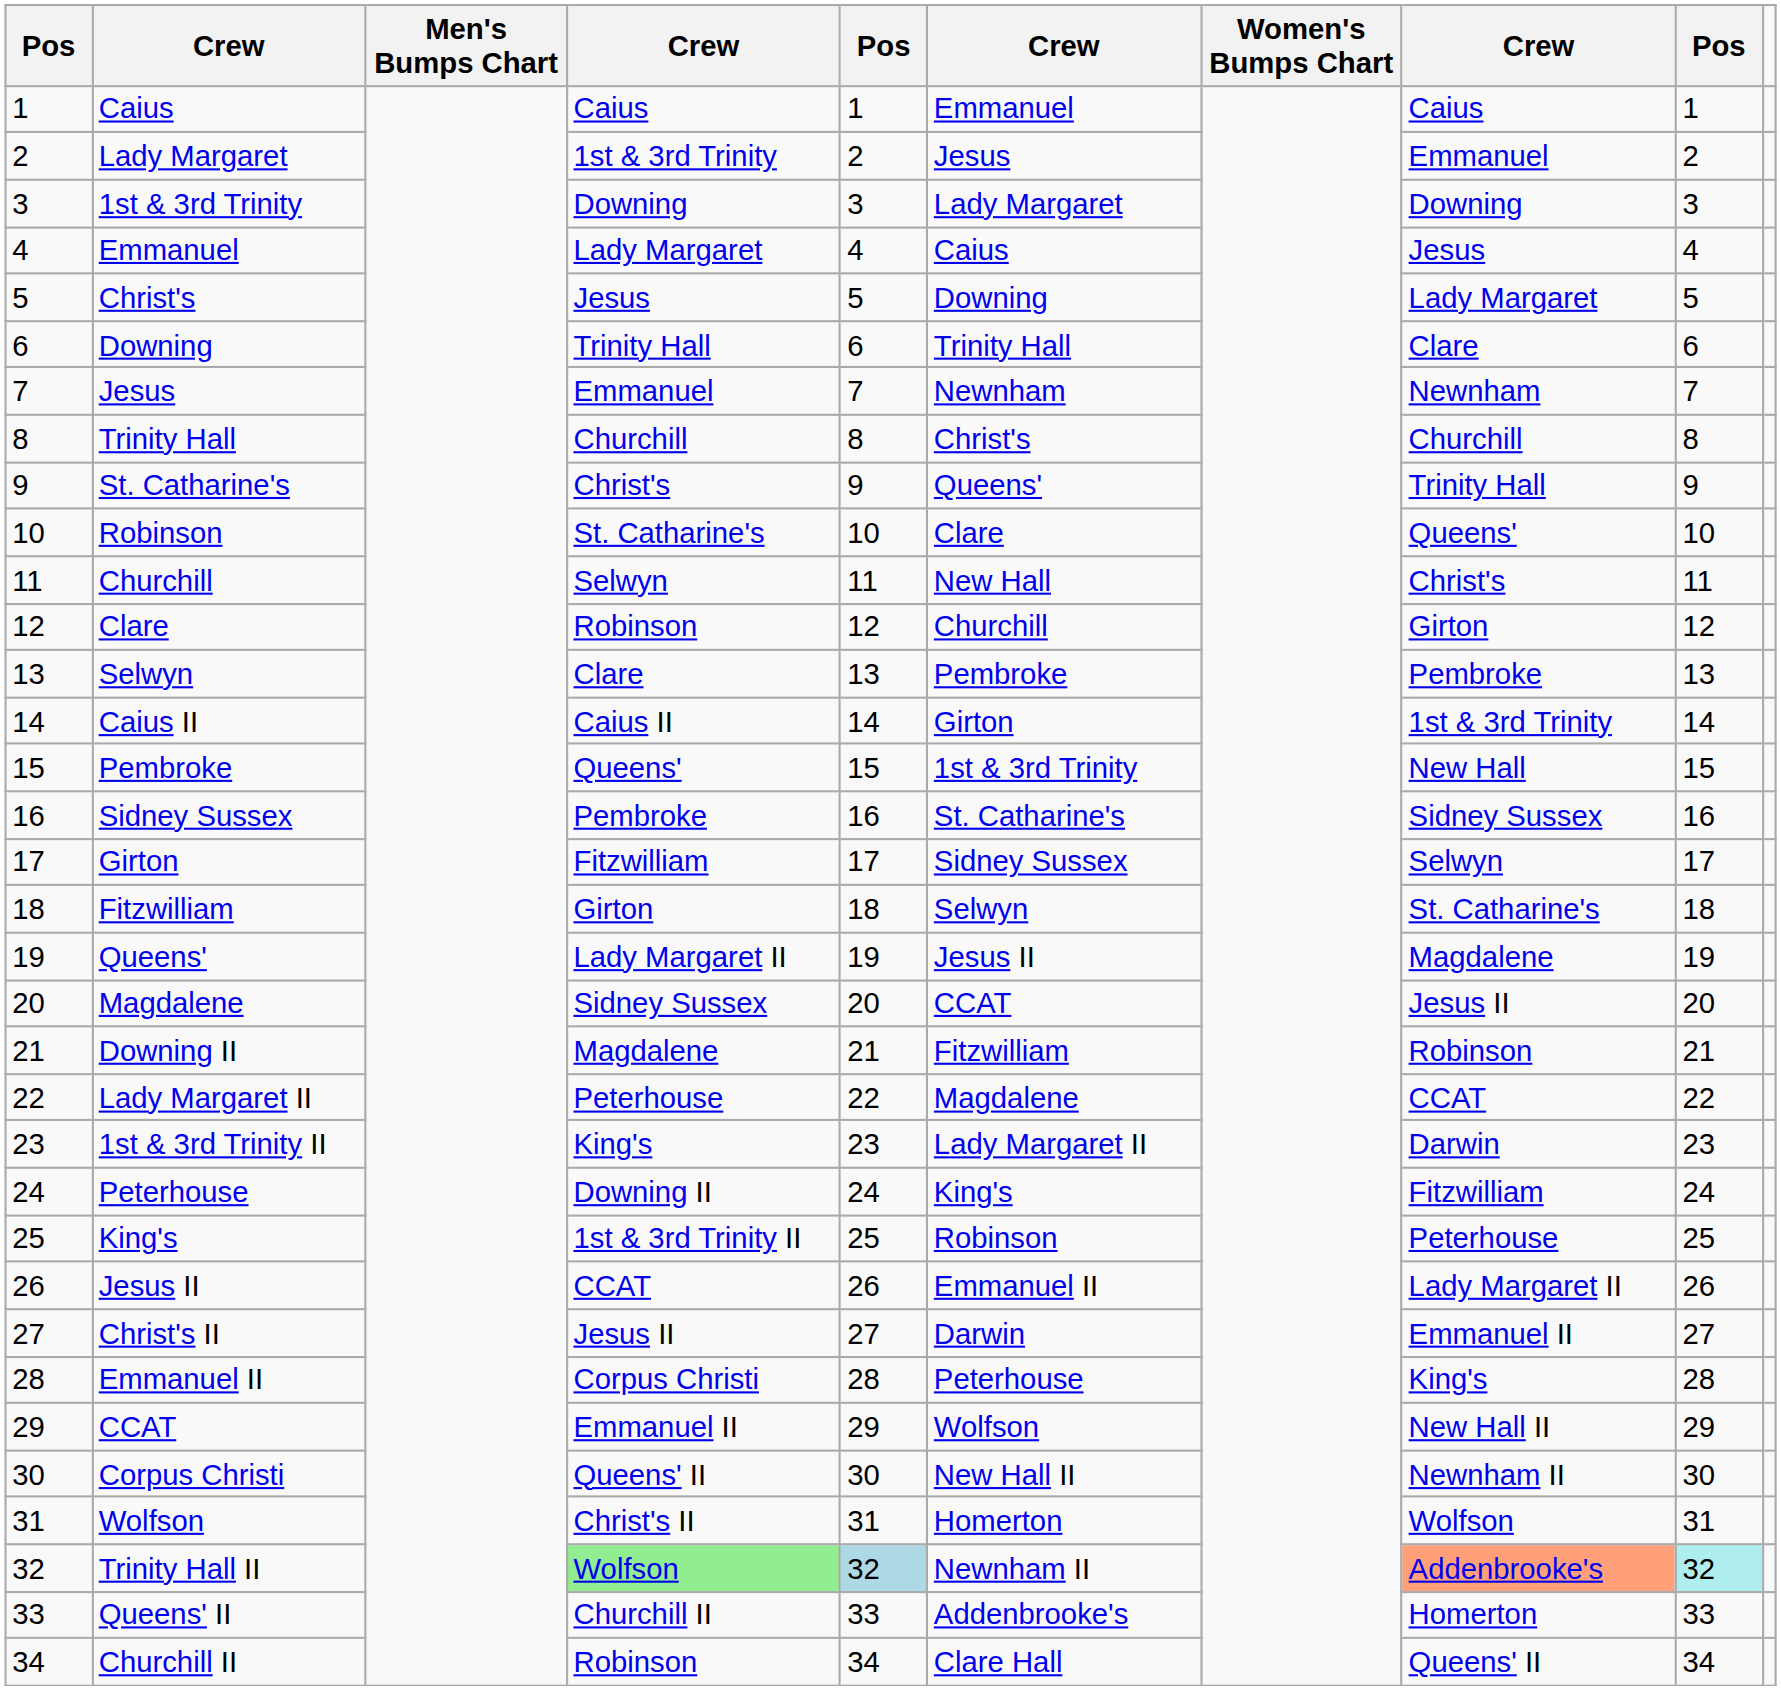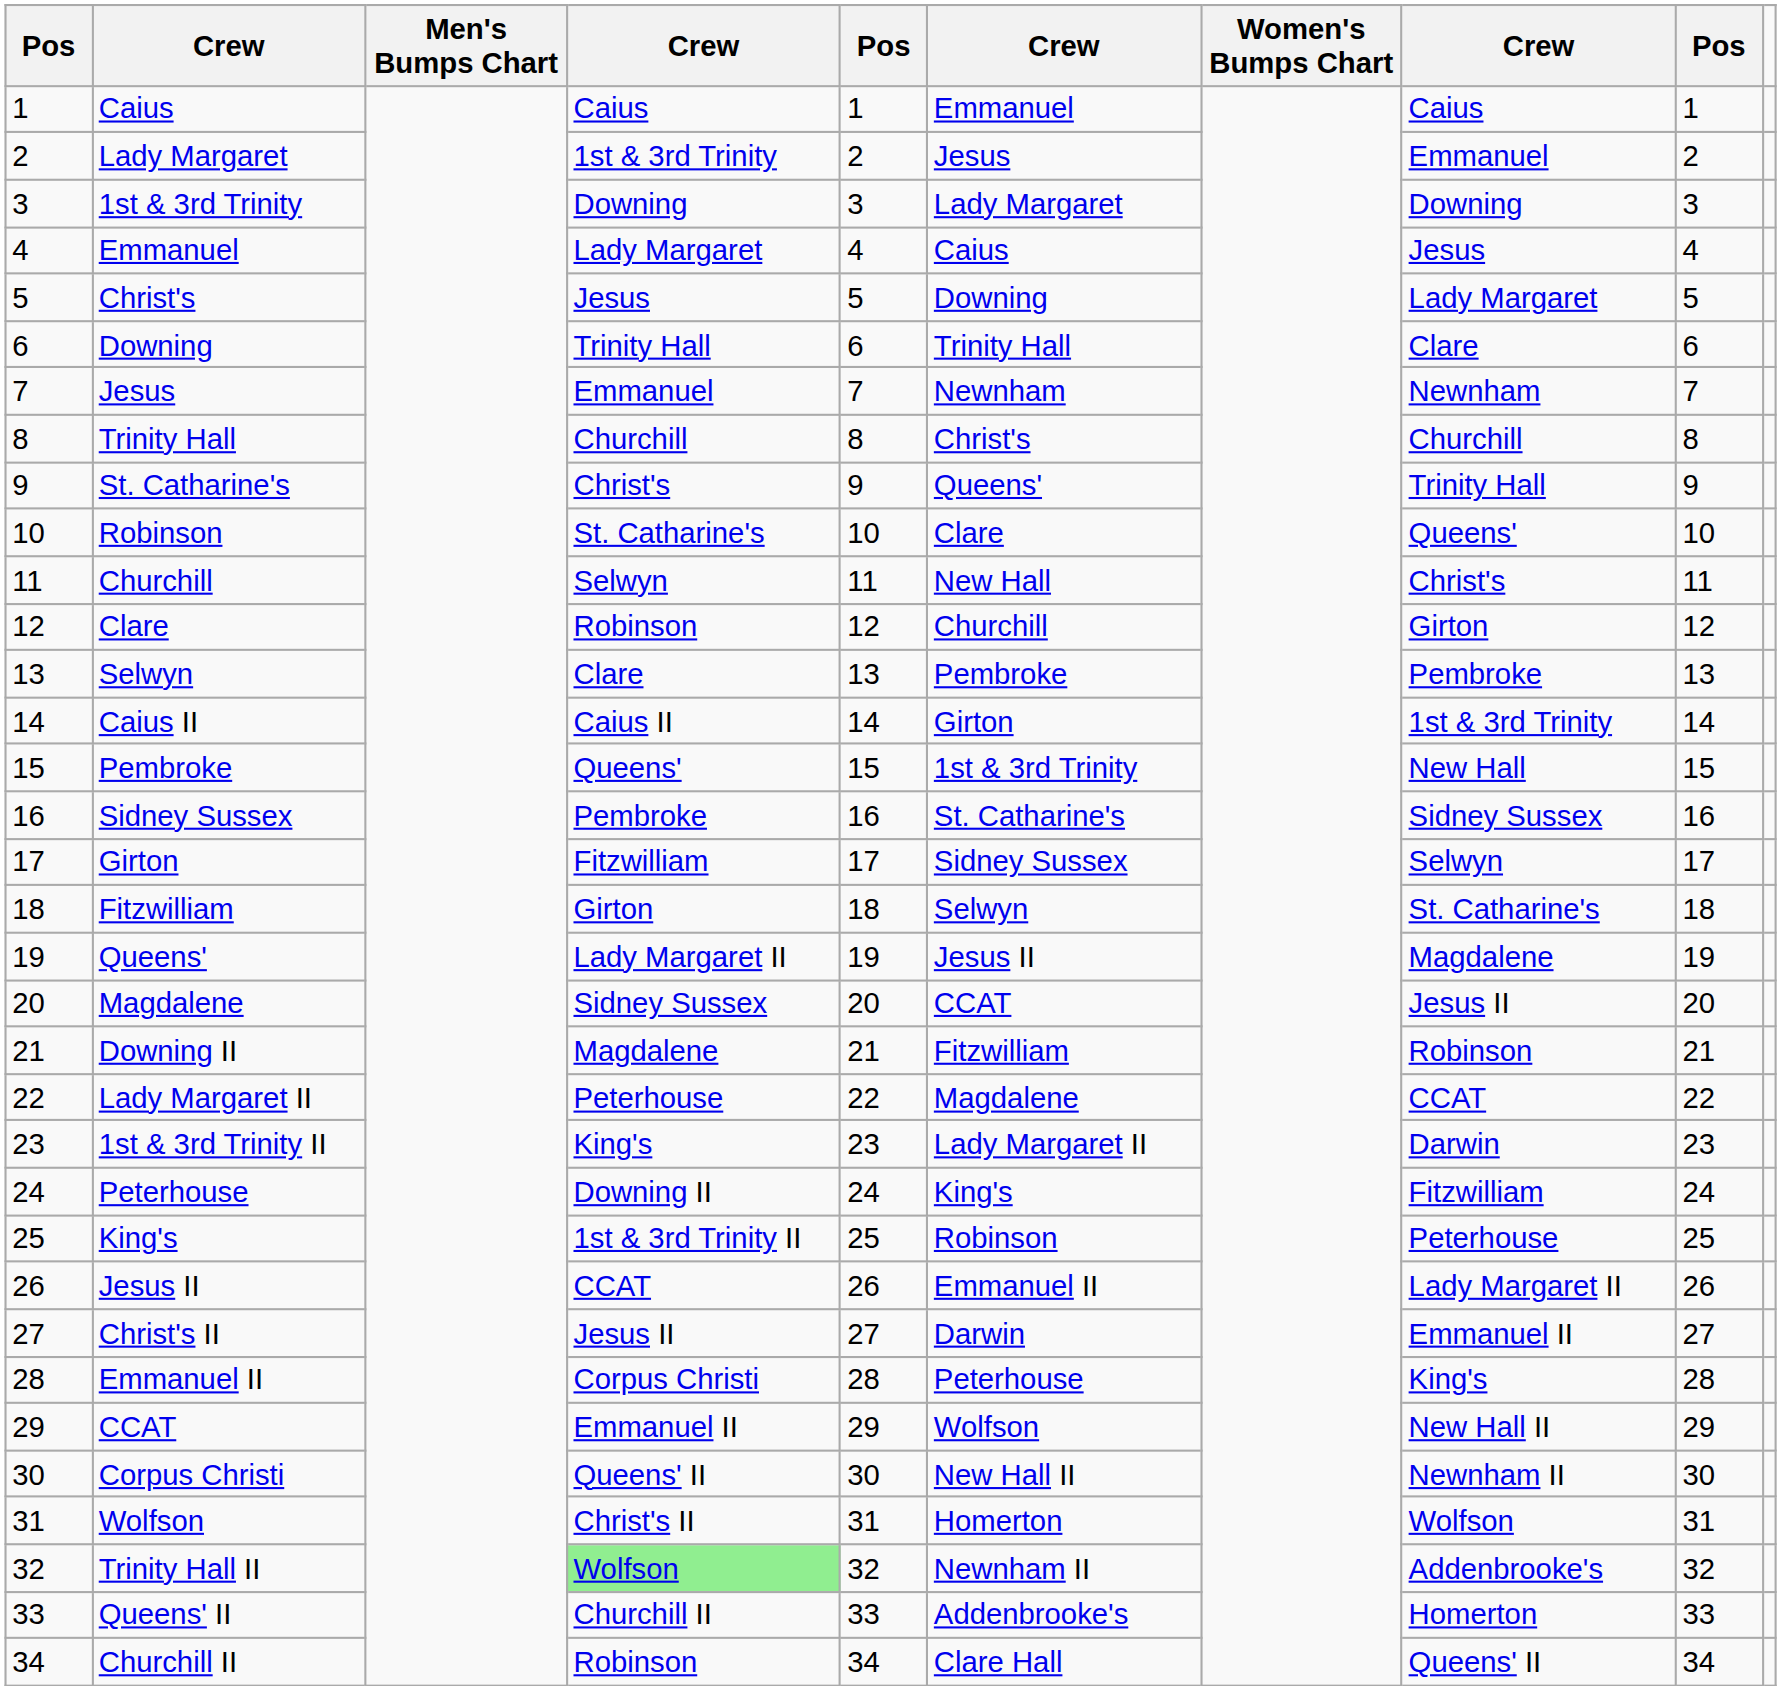 <table class="wikitable" style="font-size:88%; white-space:nowrap; margin:0.5em auto">
 <tr style="white-space:normal">
 <th width=35>Pos</th>
 <th width=125>Crew</th>
 <th width=90>Men's Bumps Chart</th>
 <th width=125>Crew</th>
 <th width=35>Pos</th>
 <th width=125>Crew</th>
 <th width=90>Women's Bumps Chart</th>
 <th width=125>Crew</th>
 <th width=35>Pos</th>
 </tr>
 <tr>
 <td>1</td>
 <td><a href='#'>Caius</a></td>
 <td rowspan="34"><br></td>
 <td><a href='#'>Caius</a></td>
 <td>1</td>
 <td><a href='#'>Emmanuel</a></td>
 <td rowspan="34"><br></td>
 <td><a href='#'>Caius</a></td>
 <td>1</td>
 <td></td>
 </tr>
 <tr>
 <td>2</td>
 <td><a href='#'>Lady Margaret</a></td>
 <td><a href='#'>1st & 3rd Trinity</a></td>
 <td>2</td>
 <td><a href='#'>Jesus</a></td>
 <td><a href='#'>Emmanuel</a></td>
 <td>2</td>
 <td></td>
 </tr>
 <tr>
 <td>3</td>
 <td><a href='#'>1st & 3rd Trinity</a></td>
 <td><a href='#'>Downing</a></td>
 <td>3</td>
 <td><a href='#'>Lady Margaret</a></td>
 <td><a href='#'>Downing</a></td>
 <td>3</td>
 <td></td>
 </tr>
 <tr>
 <td>4</td>
 <td><a href='#'>Emmanuel</a></td>
 <td><a href='#'>Lady Margaret</a></td>
 <td>4</td>
 <td><a href='#'>Caius</a></td>
 <td><a href='#'>Jesus</a></td>
 <td>4</td>
 <td></td>
 </tr>
 <tr>
 <td>5</td>
 <td><a href='#'>Christ's</a></td>
 <td><a href='#'>Jesus</a></td>
 <td>5</td>
 <td><a href='#'>Downing</a></td>
 <td><a href='#'>Lady Margaret</a></td>
 <td>5</td>
 <td></td>
 </tr>
 <tr>
 <td>6</td>
 <td><a href='#'>Downing</a></td>
 <td><a href='#'>Trinity Hall</a></td>
 <td>6</td>
 <td><a href='#'>Trinity Hall</a></td>
 <td><a href='#'>Clare</a></td>
 <td>6</td>
 <td></td>
 </tr>
 <tr>
 <td>7</td>
 <td><a href='#'>Jesus</a></td>
 <td><a href='#'>Emmanuel</a></td>
 <td>7</td>
 <td><a href='#'>Newnham</a></td>
 <td><a href='#'>Newnham</a></td>
 <td>7</td>
 <td></td>
 </tr>
 <tr>
 <td>8</td>
 <td><a href='#'>Trinity Hall</a></td>
 <td><a href='#'>Churchill</a></td>
 <td>8</td>
 <td><a href='#'>Christ's</a></td>
 <td><a href='#'>Churchill</a></td>
 <td>8</td>
 <td></td>
 </tr>
 <tr>
 <td>9</td>
 <td><a href='#'>St. Catharine's</a></td>
 <td><a href='#'>Christ's</a></td>
 <td>9</td>
 <td><a href='#'>Queens'</a></td>
 <td><a href='#'>Trinity Hall</a></td>
 <td>9</td>
 <td></td>
 </tr>
 <tr>
 <td>10</td>
 <td><a href='#'>Robinson</a></td>
 <td><a href='#'>St. Catharine's</a></td>
 <td>10</td>
 <td><a href='#'>Clare</a></td>
 <td><a href='#'>Queens'</a></td>
 <td>10</td>
 <td></td>
 </tr>
 <tr>
 <td>11</td>
 <td><a href='#'>Churchill</a></td>
 <td><a href='#'>Selwyn</a></td>
 <td>11</td>
 <td><a href='#'>New Hall</a></td>
 <td><a href='#'>Christ's</a></td>
 <td>11</td>
 <td></td>
 </tr>
 <tr>
 <td>12</td>
 <td><a href='#'>Clare</a></td>
 <td><a href='#'>Robinson</a></td>
 <td>12</td>
 <td><a href='#'>Churchill</a></td>
 <td><a href='#'>Girton</a></td>
 <td>12</td>
 <td></td>
 </tr>
 <tr>
 <td>13</td>
 <td><a href='#'>Selwyn</a></td>
 <td><a href='#'>Clare</a></td>
 <td>13</td>
 <td><a href='#'>Pembroke</a></td>
 <td><a href='#'>Pembroke</a></td>
 <td>13</td>
 <td></td>
 </tr>
 <tr>
 <td>14</td>
 <td><a href='#'>Caius</a> II</td>
 <td><a href='#'>Caius</a> II</td>
 <td>14</td>
 <td><a href='#'>Girton</a></td>
 <td><a href='#'>1st & 3rd Trinity</a></td>
 <td>14</td>
 <td></td>
 </tr>
 <tr>
 <td>15</td>
 <td><a href='#'>Pembroke</a></td>
 <td><a href='#'>Queens'</a></td>
 <td>15</td>
 <td><a href='#'>1st & 3rd Trinity</a></td>
 <td><a href='#'>New Hall</a></td>
 <td>15</td>
 <td></td>
 </tr>
 <tr>
 <td>16</td>
 <td><a href='#'>Sidney Sussex</a></td>
 <td><a href='#'>Pembroke</a></td>
 <td>16</td>
 <td><a href='#'>St. Catharine's</a></td>
 <td><a href='#'>Sidney Sussex</a></td>
 <td>16</td>
 <td></td>
 </tr>
 <tr>
 <td>17</td>
 <td><a href='#'>Girton</a></td>
 <td><a href='#'>Fitzwilliam</a></td>
 <td>17</td>
 <td><a href='#'>Sidney Sussex</a></td>
 <td><a href='#'>Selwyn</a></td>
 <td>17</td>
 <td></td>
 </tr>
 <tr>
 <td>18</td>
 <td><a href='#'>Fitzwilliam</a></td>
 <td><a href='#'>Girton</a></td>
 <td>18</td>
 <td><a href='#'>Selwyn</a></td>
 <td><a href='#'>St. Catharine's</a></td>
 <td>18</td>
 <td></td>
 </tr>
 <tr>
 <td>19</td>
 <td><a href='#'>Queens'</a></td>
 <td><a href='#'>Lady Margaret</a> II</td>
 <td>19</td>
 <td><a href='#'>Jesus</a> II</td>
 <td><a href='#'>Magdalene</a></td>
 <td>19</td>
 <td></td>
 </tr>
 <tr>
 <td>20</td>
 <td><a href='#'>Magdalene</a></td>
 <td><a href='#'>Sidney Sussex</a></td>
 <td>20</td>
 <td><a href='#'>CCAT</a></td>
 <td><a href='#'>Jesus</a> II</td>
 <td>20</td>
 <td></td>
 </tr>
 <tr>
 <td>21</td>
 <td><a href='#'>Downing</a> II</td>
 <td><a href='#'>Magdalene</a></td>
 <td>21</td>
 <td><a href='#'>Fitzwilliam</a></td>
 <td><a href='#'>Robinson</a></td>
 <td>21</td>
 <td></td>
 </tr>
 <tr>
 <td>22</td>
 <td><a href='#'>Lady Margaret</a> II</td>
 <td><a href='#'>Peterhouse</a></td>
 <td>22</td>
 <td><a href='#'>Magdalene</a></td>
 <td><a href='#'>CCAT</a></td>
 <td>22</td>
 <td></td>
 </tr>
 <tr>
 <td>23</td>
 <td><a href='#'>1st & 3rd Trinity</a> II</td>
 <td><a href='#'>King's</a></td>
 <td>23</td>
 <td><a href='#'>Lady Margaret</a> II</td>
 <td><a href='#'>Darwin</a></td>
 <td>23</td>
 <td></td>
 </tr>
 <tr>
 <td>24</td>
 <td><a href='#'>Peterhouse</a></td>
 <td><a href='#'>Downing</a> II</td>
 <td>24</td>
 <td><a href='#'>King's</a></td>
 <td><a href='#'>Fitzwilliam</a></td>
 <td>24</td>
 <td></td>
 </tr>
 <tr>
 <td>25</td>
 <td><a href='#'>King's</a></td>
 <td><a href='#'>1st & 3rd Trinity</a> II</td>
 <td>25</td>
 <td><a href='#'>Robinson</a></td>
 <td><a href='#'>Peterhouse</a></td>
 <td>25</td>
 <td></td>
 </tr>
 <tr>
 <td>26</td>
 <td><a href='#'>Jesus</a> II</td>
 <td><a href='#'>CCAT</a></td>
 <td>26</td>
 <td><a href='#'>Emmanuel</a> II</td>
 <td><a href='#'>Lady Margaret</a> II</td>
 <td>26</td>
 <td></td>
 </tr>
 <tr>
 <td>27</td>
 <td><a href='#'>Christ's</a> II</td>
 <td><a href='#'>Jesus</a> II</td>
 <td>27</td>
 <td><a href='#'>Darwin</a></td>
 <td><a href='#'>Emmanuel</a> II</td>
 <td>27</td>
 <td></td>
 </tr>
 <tr>
 <td>28</td>
 <td><a href='#'>Emmanuel</a> II</td>
 <td><a href='#'>Corpus Christi</a></td>
 <td>28</td>
 <td><a href='#'>Peterhouse</a></td>
 <td><a href='#'>King's</a></td>
 <td>28</td>
 <td></td>
 </tr>
 <tr>
 <td>29</td>
 <td><a href='#'>CCAT</a></td>
 <td><a href='#'>Emmanuel</a> II</td>
 <td>29</td>
 <td><a href='#'>Wolfson</a></td>
 <td><a href='#'>New Hall</a> II</td>
 <td>29</td>
 <td></td>
 </tr>
 <tr>
 <td>30</td>
 <td><a href='#'>Corpus Christi</a></td>
 <td><a href='#'>Queens'</a> II</td>
 <td>30</td>
 <td><a href='#'>New Hall</a> II</td>
 <td><a href='#'>Newnham</a> II</td>
 <td>30</td>
 <td></td>
 </tr>
 <tr>
 <td>31</td>
 <td><a href='#'>Wolfson</a></td>
 <td><a href='#'>Christ's</a> II</td>
 <td>31</td>
 <td><a href='#'>Homerton</a></td>
 <td><a href='#'>Wolfson</a></td>
 <td>31</td>
 <td></td>
 </tr>
 <tr>
 <td>32</td>
 <td><a href='#'>Trinity Hall</a> II</td>
 <td style="background: lightgreen;"><a href='#'>Wolfson</a></td>
-<td style="background: lightblue;">32</td>
+<td>32</td>
 <td><a href='#'>Newnham</a> II</td>
-<td style="background: lightsalmon;"><a href='#'>Addenbrooke's</a></td>
-<td style="background: paleturquoise;">32</td>
+<td><a href='#'>Addenbrooke's</a></td>
+<td>32</td>
 <td></td>
 </tr>
 <tr>
 <td>33</td>
 <td><a href='#'>Queens'</a> II</td>
 <td><a href='#'>Churchill</a> II</td>
 <td>33</td>
 <td><a href='#'>Addenbrooke's</a></td>
 <td><a href='#'>Homerton</a></td>
 <td>33</td>
 <td></td>
 </tr>
 <tr>
 <td>34</td>
 <td><a href='#'>Churchill</a> II</td>
 <td><a href='#'>Robinson</a></td>
 <td>34</td>
 <td><a href='#'>Clare Hall</a></td>
 <td><a href='#'>Queens'</a> II</td>
 <td>34</td>
 <td></td>
 </tr>
 </table>
